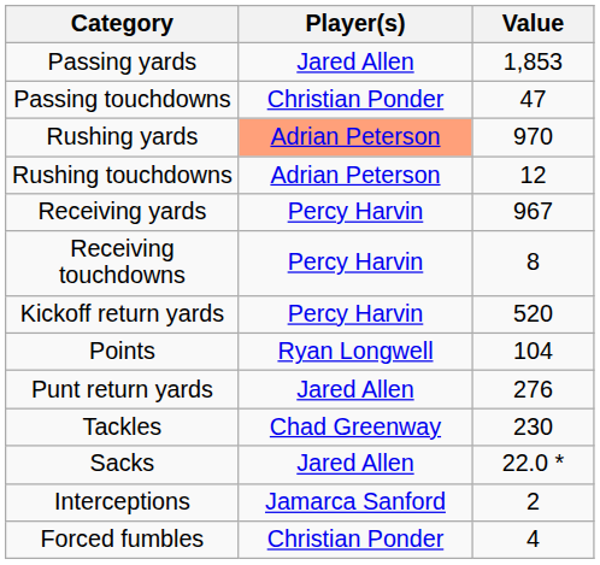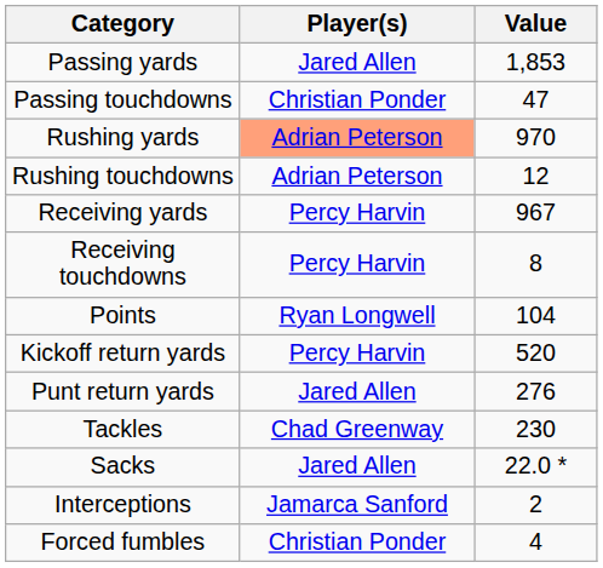 <table class="wikitable" style="text-align:center">
 <tr>
 <th width=150px>Category</th>
 <th width=150px>Player(s)</th>
 <th width=75px>Value</th>
 </tr>
 <tr>
 <td>Passing yards</td>
 <td><a href='#'>Jared Allen</a></td>
 <td>1,853</td>
 </tr>
 <tr>
 <td>Passing touchdowns</td>
 <td><a href='#'>Christian Ponder</a></td>
 <td>47</td>
 </tr>
 <tr>
 <td>Rushing yards</td>
 <td style="background: lightsalmon;"><a href='#'>Adrian Peterson</a></td>
 <td>970</td>
 </tr>
 <tr>
 <td>Rushing touchdowns</td>
 <td><a href='#'>Adrian Peterson</a></td>
 <td>12</td>
 </tr>
 <tr>
 <td>Receiving yards</td>
 <td><a href='#'>Percy Harvin</a></td>
 <td>967</td>
 </tr>
 <tr>
 <td>Receiving touchdowns</td>
 <td><a href='#'>Percy Harvin</a></td>
 <td>8</td>
 </tr>
 <tr>
+<td>Points</td>
+<td><a href='#'>Ryan Longwell</a></td>
+<td>104</td>
+</tr>
+<tr>
 <td>Kickoff return yards</td>
 <td><a href='#'>Percy Harvin</a></td>
 <td>520</td>
-</tr>
-<tr>
-<td>Points</td>
-<td><a href='#'>Ryan Longwell</a></td>
-<td>104</td>
 </tr>
 <tr>
 <td>Punt return yards</td>
 <td><a href='#'>Jared Allen</a></td>
 <td>276</td>
 </tr>
 <tr>
 <td>Tackles</td>
 <td><a href='#'>Chad Greenway</a></td>
 <td>230</td>
 </tr>
 <tr>
 <td>Sacks</td>
 <td><a href='#'>Jared Allen</a></td>
 <td>22.0 *</td>
 </tr>
 <tr>
 <td>Interceptions</td>
 <td><a href='#'>Jamarca Sanford</a></td>
 <td>2</td>
 </tr>
 <tr>
 <td>Forced fumbles</td>
 <td><a href='#'>Christian Ponder</a></td>
 <td>4</td>
 </tr>
 </table>
